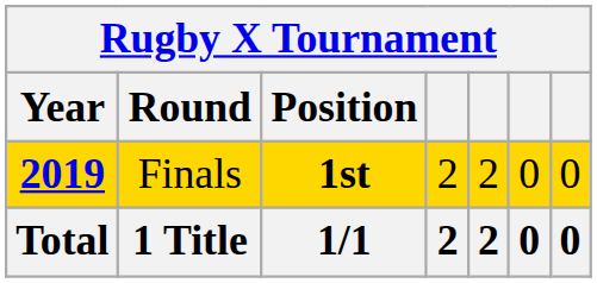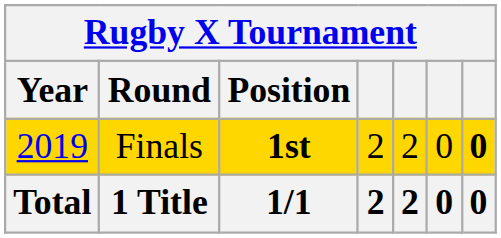 <table class="wikitable" style="text-align: center;">
 <tr>
 <th colspan=7><a href='#'>Rugby X Tournament</a></th>
 </tr>
 <tr>
 <th>Year</th>
 <th>Round</th>
 <th>Position</th>
 <th></th>
 <th></th>
 <th></th>
 <th></th>
 </tr>
 <tr style="background:#FFD700;">
-<td><strong> <a href='#'>2019</a></strong></td>
+<td> <a href='#'>2019</a></td>
 <td>Finals</td>
 <td><strong>1st</strong></td>
 <td>2</td>
 <td>2</td>
 <td>0</td>
-<td>0</td>
+<td><strong>0</strong></td>
 </tr>
 <tr>
 <th>Total</th>
 <th>1 Title</th>
 <th>1/1</th>
 <th>2</th>
 <th>2</th>
 <th>0</th>
 <th>0</th>
 </tr>
 </table>
